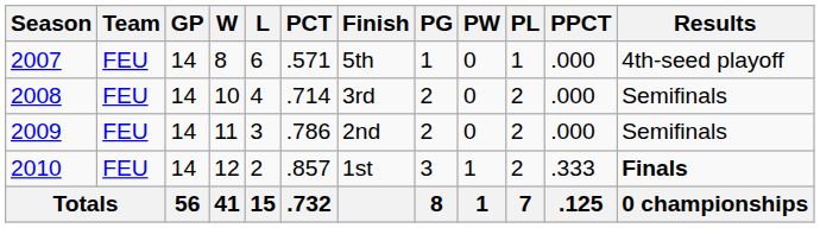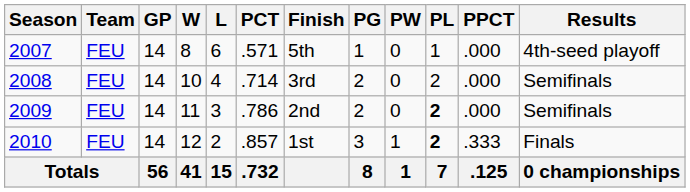 <table class="wikitable">
 <tr>
 <th>Season</th>
 <th>Team</th>
 <th>GP</th>
 <th>W</th>
 <th>L</th>
 <th>PCT</th>
 <th>Finish</th>
 <th>PG</th>
 <th>PW</th>
 <th>PL</th>
 <th>PPCT</th>
 <th>Results</th>
 </tr>
 <tr>
 <td><a href='#'>2007</a></td>
 <td><a href='#'>FEU</a></td>
 <td>14</td>
 <td>8</td>
 <td>6</td>
 <td>.571</td>
 <td>5th</td>
 <td>1</td>
 <td>0</td>
 <td>1</td>
 <td>.000</td>
 <td>4th-seed playoff</td>
 </tr>
 <tr>
 <td><a href='#'>2008</a></td>
 <td><a href='#'>FEU</a></td>
 <td>14</td>
 <td>10</td>
 <td>4</td>
 <td>.714</td>
 <td>3rd</td>
 <td>2</td>
 <td>0</td>
 <td>2</td>
 <td>.000</td>
 <td>Semifinals</td>
 </tr>
 <tr>
 <td><a href='#'>2009</a></td>
 <td><a href='#'>FEU</a></td>
 <td>14</td>
 <td>11</td>
 <td>3</td>
 <td>.786</td>
 <td>2nd</td>
 <td>2</td>
 <td>0</td>
-<td>2</td>
+<td><strong>2</strong></td>
 <td>.000</td>
 <td>Semifinals</td>
 </tr>
 <tr>
 <td><a href='#'>2010</a></td>
 <td><a href='#'>FEU</a></td>
 <td>14</td>
 <td>12</td>
 <td>2</td>
 <td>.857</td>
 <td>1st</td>
 <td>3</td>
 <td>1</td>
-<td>2</td>
+<td><strong>2</strong></td>
 <td>.333</td>
-<td><strong>Finals</strong></td>
+<td>Finals</td>
 </tr>
 <tr>
 <th colspan="2">Totals</th>
 <th>56</th>
 <th>41</th>
 <th>15</th>
 <th>.732</th>
 <th></th>
 <th>8</th>
 <th>1</th>
 <th>7</th>
 <th>.125</th>
 <th>0 championships</th>
 </tr>
 </table>
